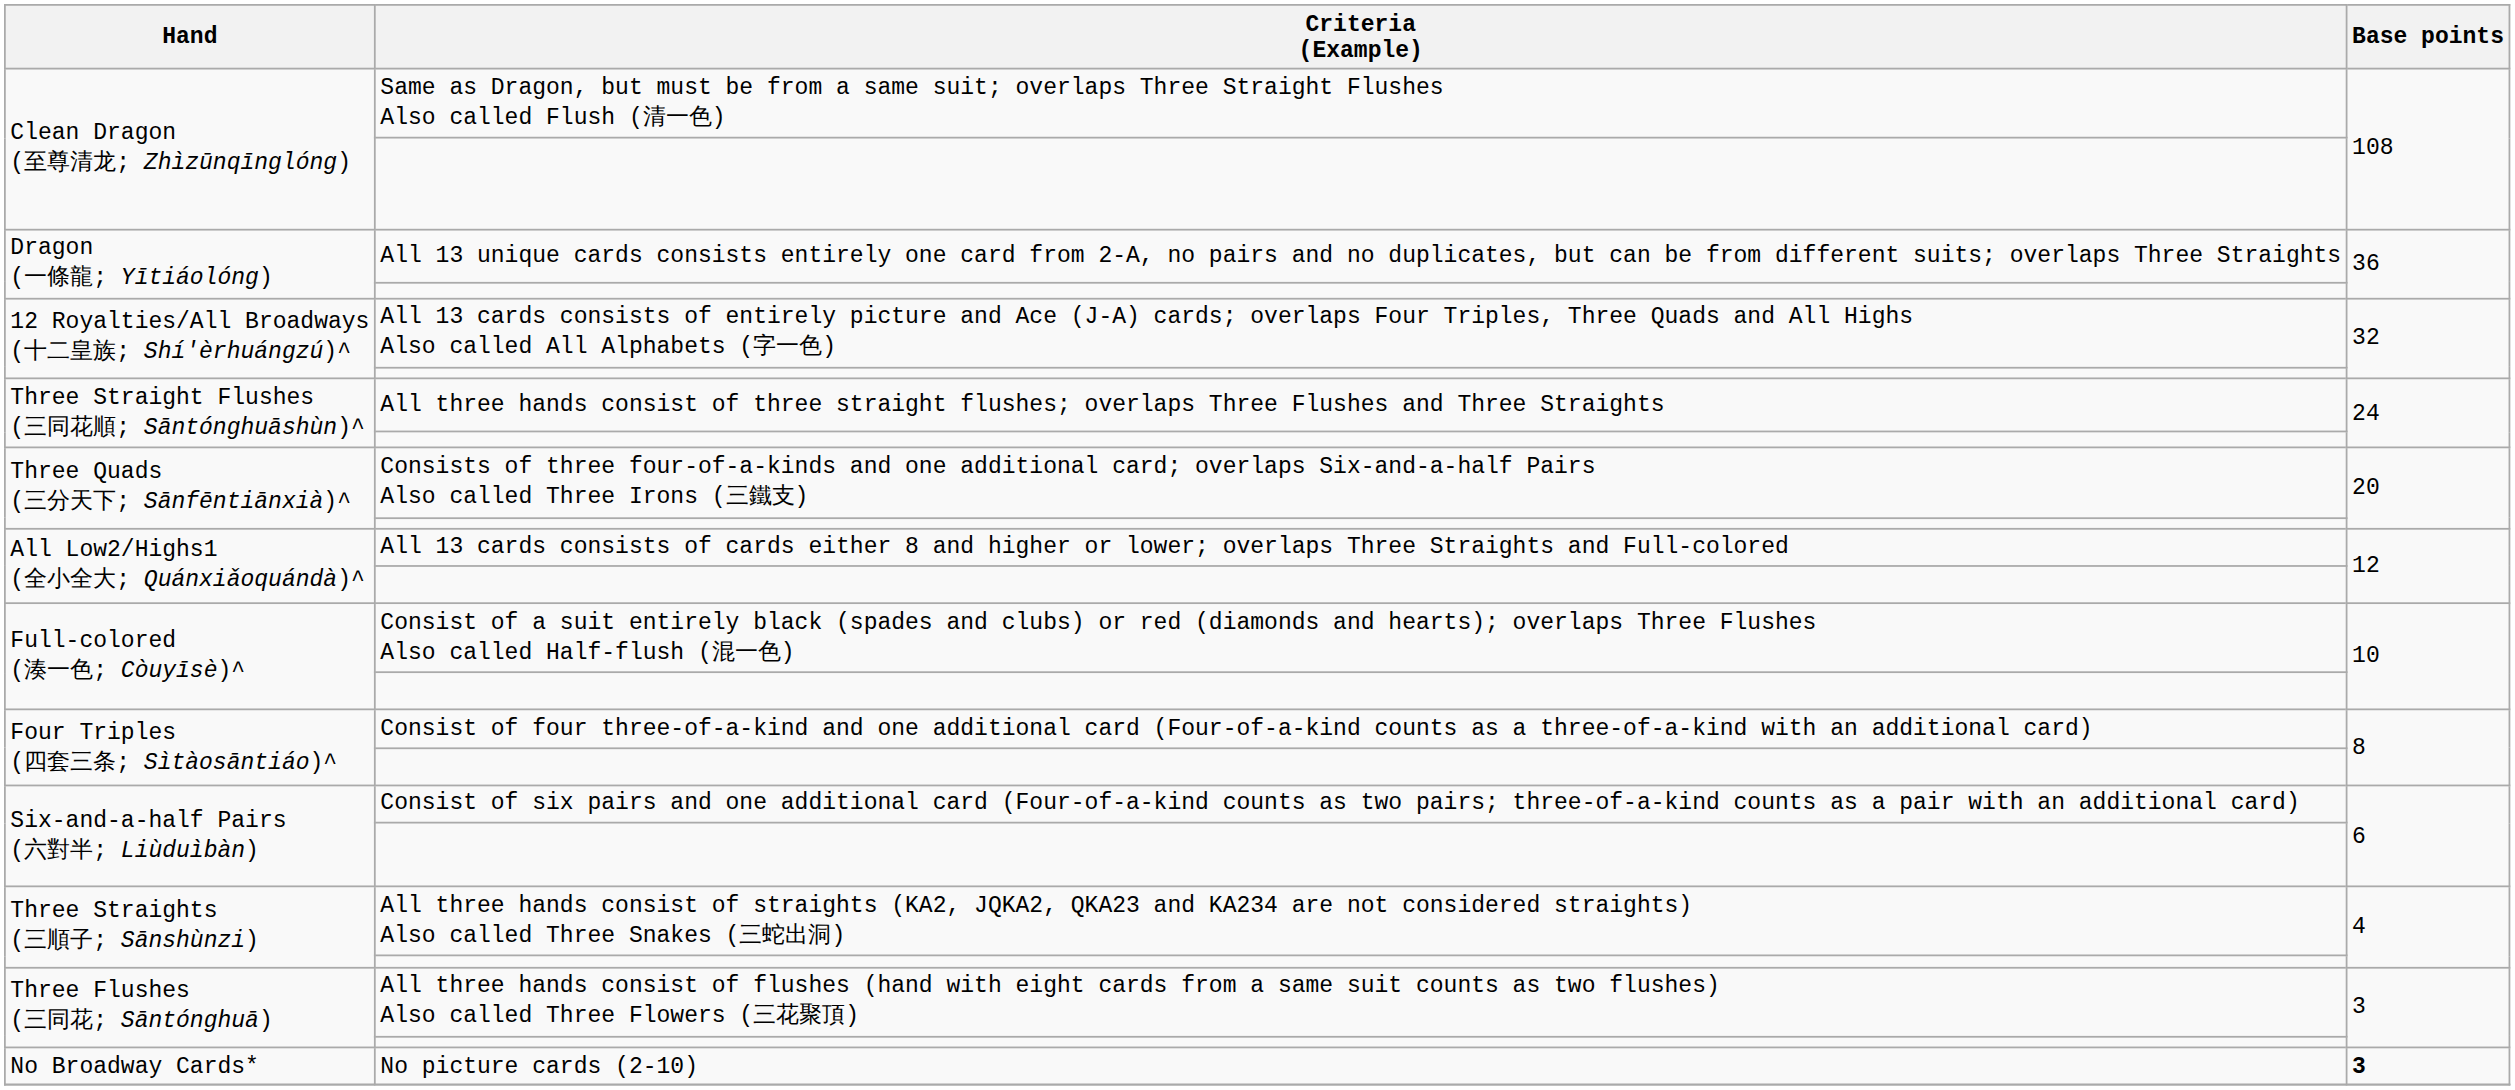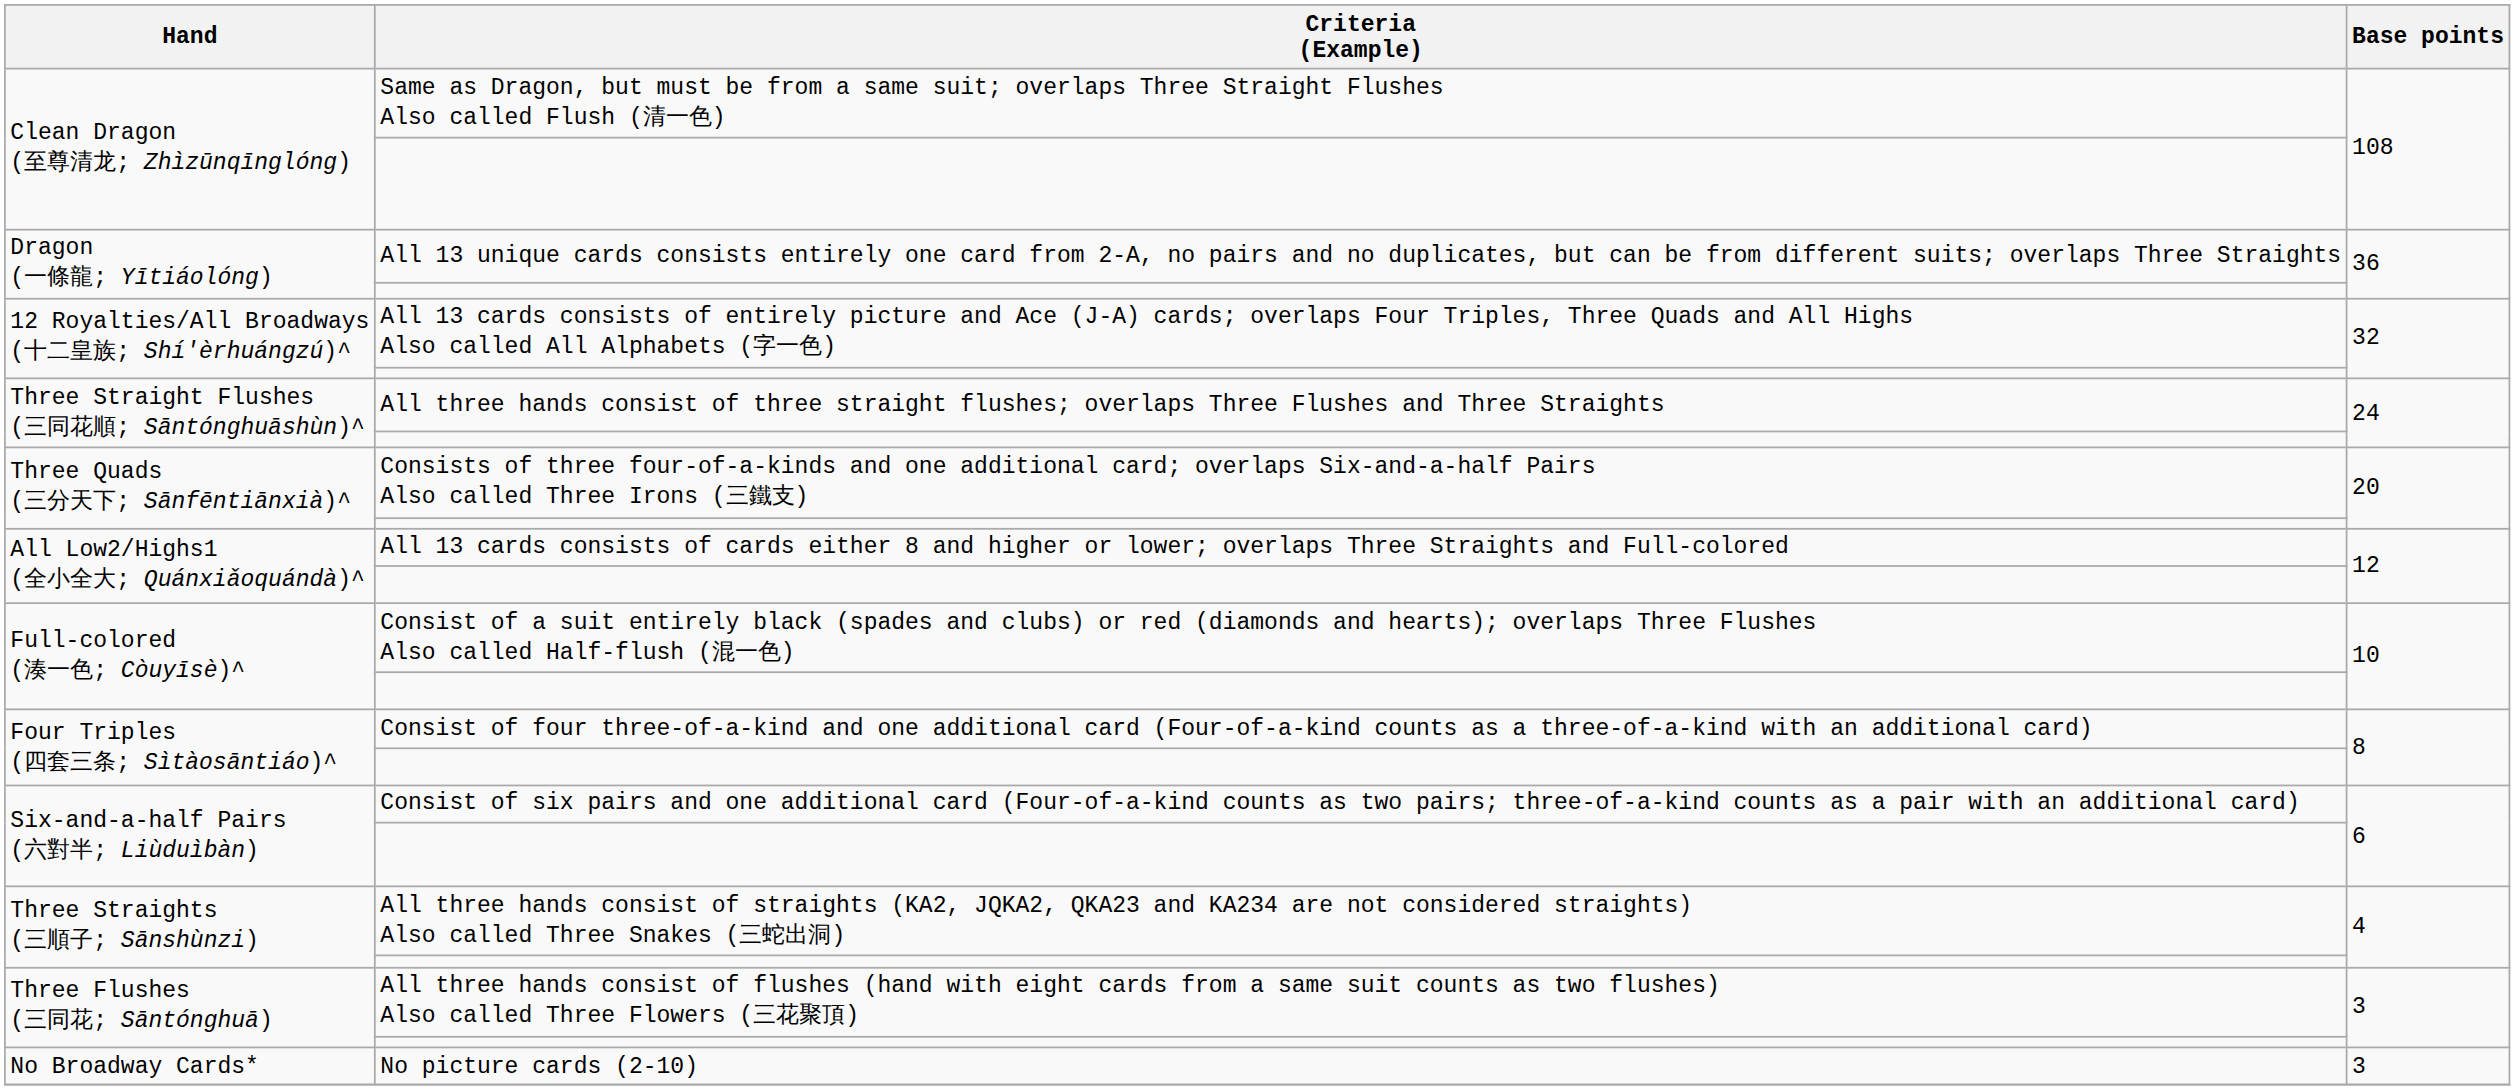 <table class="wikitable">
 <tr>
 <th>Hand</th>
 <th>Criteria<br>(Example)</th>
 <th>Base points</th>
 </tr>
 <tr>
 <td rowspan=2>Clean Dragon <br>(至尊清龙; <em>Zhìzūnqīnglóng</em>)</td>
 <td>Same as Dragon, but must be from a same suit; overlaps Three Straight Flushes<br>Also called Flush (清一色)</td>
 <td rowspan=2>108</td>
 </tr>
 <tr>
 <td><br><br><br></td>
 </tr>
 <tr>
 <td rowspan=2>Dragon <br>(一條龍; <em>Yītiáolóng</em>)</td>
 <td>All 13 unique cards consists entirely one card from 2-A, no pairs and no duplicates, but can be from different suits; overlaps Three Straights</td>
 <td rowspan=2>36</td>
 </tr>
 <tr>
 <td></td>
 </tr>
 <tr>
 <td rowspan=2>12 Royalties/All Broadways<br>(十二皇族; <em>Shí'èrhuángzú</em>)^</td>
 <td>All 13 cards consists of entirely picture and Ace (J-A) cards; overlaps Four Triples, Three Quads and All Highs<br>Also called All Alphabets (字一色)</td>
 <td rowspan=2>32</td>
 </tr>
 <tr>
 <td></td>
 </tr>
 <tr>
 <td rowspan=2>Three Straight Flushes<br>(三同花順; <em>Sāntónghuāshùn</em>)^</td>
 <td>All three hands consist of three straight flushes; overlaps Three Flushes and Three Straights</td>
 <td rowspan=2>24</td>
 </tr>
 <tr>
 <td></td>
 </tr>
 <tr>
 <td rowspan=2>Three Quads<br>(三分天下; <em>Sānfēntiānxià</em>)^</td>
 <td>Consists of three four-of-a-kinds and one additional card; overlaps Six-and-a-half Pairs<br>Also called Three Irons (三鐵支)</td>
 <td rowspan=2>20</td>
 </tr>
 <tr>
 <td></td>
 </tr>
 <tr>
 <td rowspan=2>All Low2/Highs1<br>(全小全大; <em>Quánxiǎoquándà</em>)^</td>
 <td>All 13 cards consists of cards either 8 and higher or lower; overlaps Three Straights and Full-colored</td>
 <td rowspan=2>12</td>
 </tr>
 <tr>
 <td><br></td>
 </tr>
 <tr>
 <td rowspan=2>Full-colored<br>(湊一色; <em>Còuyīsè</em>)^</td>
 <td>Consist of a suit entirely black (spades and clubs) or red (diamonds and hearts); overlaps Three Flushes<br>Also called Half-flush (混一色)</td>
 <td rowspan=2>10</td>
 </tr>
 <tr>
 <td><br></td>
 </tr>
 <tr>
 <td rowspan=2>Four Triples <br>(四套三条; <em>Sìtàosāntiáo</em>)^</td>
 <td>Consist of four three-of-a-kind and one additional card (Four-of-a-kind counts as a three-of-a-kind with an additional card)</td>
 <td rowspan=2>8</td>
 </tr>
 <tr>
 <td><br></td>
 </tr>
 <tr>
 <td rowspan=2>Six-and-a-half Pairs <br>(六對半; <em>Liùduìbàn</em>)</td>
 <td>Consist of six pairs and one additional card (Four-of-a-kind counts as two pairs; three-of-a-kind counts as a pair with an additional card)</td>
 <td rowspan=2>6</td>
 </tr>
 <tr>
 <td><br><br></td>
 </tr>
 <tr>
 <td rowspan=2>Three Straights <br>(三順子; <em>Sānshùnzi</em>)</td>
 <td>All three hands consist of straights (KA2, JQKA2, QKA23 and KA234 are not considered straights)<br>Also called Three Snakes (三蛇出洞)</td>
 <td rowspan=2>4</td>
 </tr>
 <tr>
 <td></td>
 </tr>
 <tr>
 <td rowspan=2>Three Flushes<br>(三同花; <em>Sāntónghuā</em>)</td>
 <td>All three hands consist of flushes (hand with eight cards from a same suit counts as two flushes)<br>Also called Three Flowers (三花聚頂)</td>
 <td rowspan=2>3</td>
 </tr>
 <tr>
 <td></td>
 </tr>
 <tr>
 <td>No Broadway Cards*</td>
 <td>No picture cards (2-10)</td>
-<td><strong>3</strong></td>
+<td>3</td>
 </tr>
 <tr>
 </tr>
 </table>
